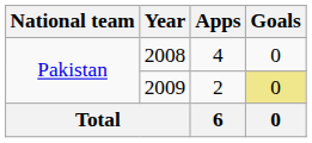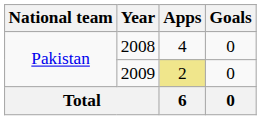 <table class="wikitable" style="text-align:center">
 <tr>
 <th>National team</th>
 <th>Year</th>
 <th>Apps</th>
 <th>Goals</th>
 </tr>
 <tr>
 <td rowspan="2"><a href='#'>Pakistan</a></td>
 <td>2008</td>
 <td>4</td>
 <td>0</td>
 </tr>
 <tr>
 <td>2009</td>
-<td>2</td>
-<td style="background: khaki;">0</td>
+<td style="background: khaki;">2</td>
+<td>0</td>
 </tr>
 <tr>
 <th colspan="2">Total</th>
 <th>6</th>
 <th>0</th>
 </tr>
 </table>
